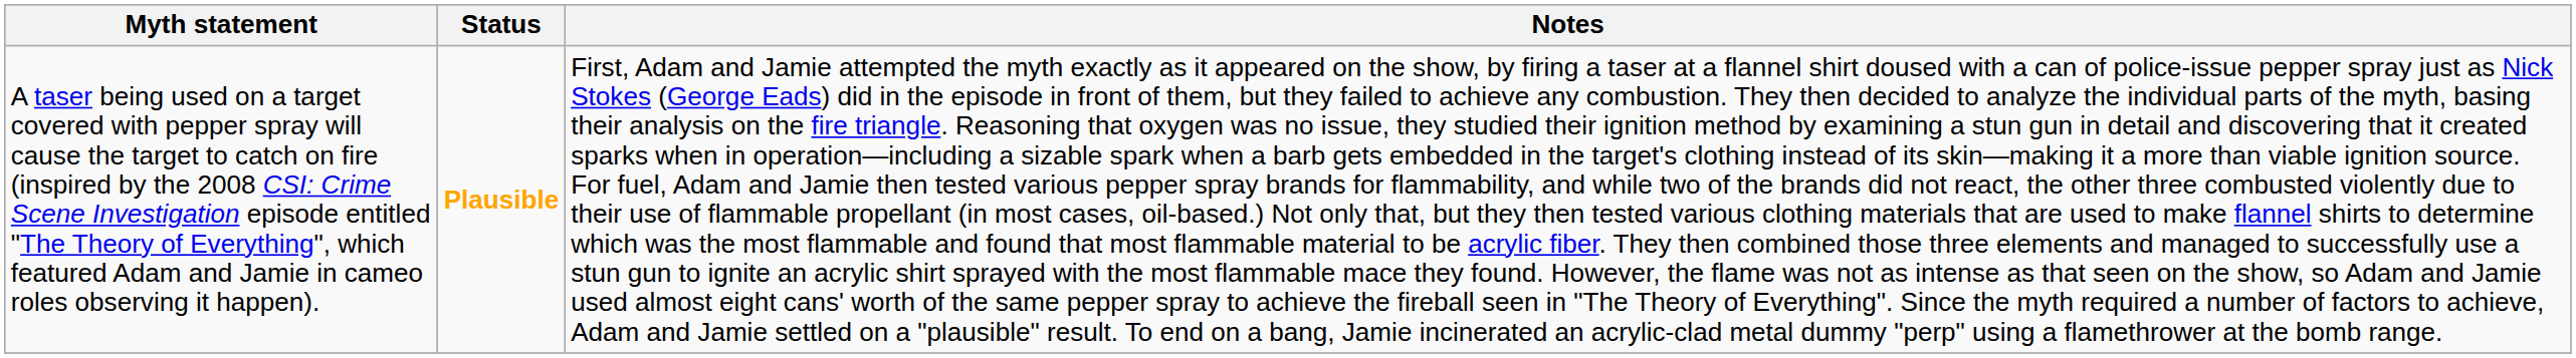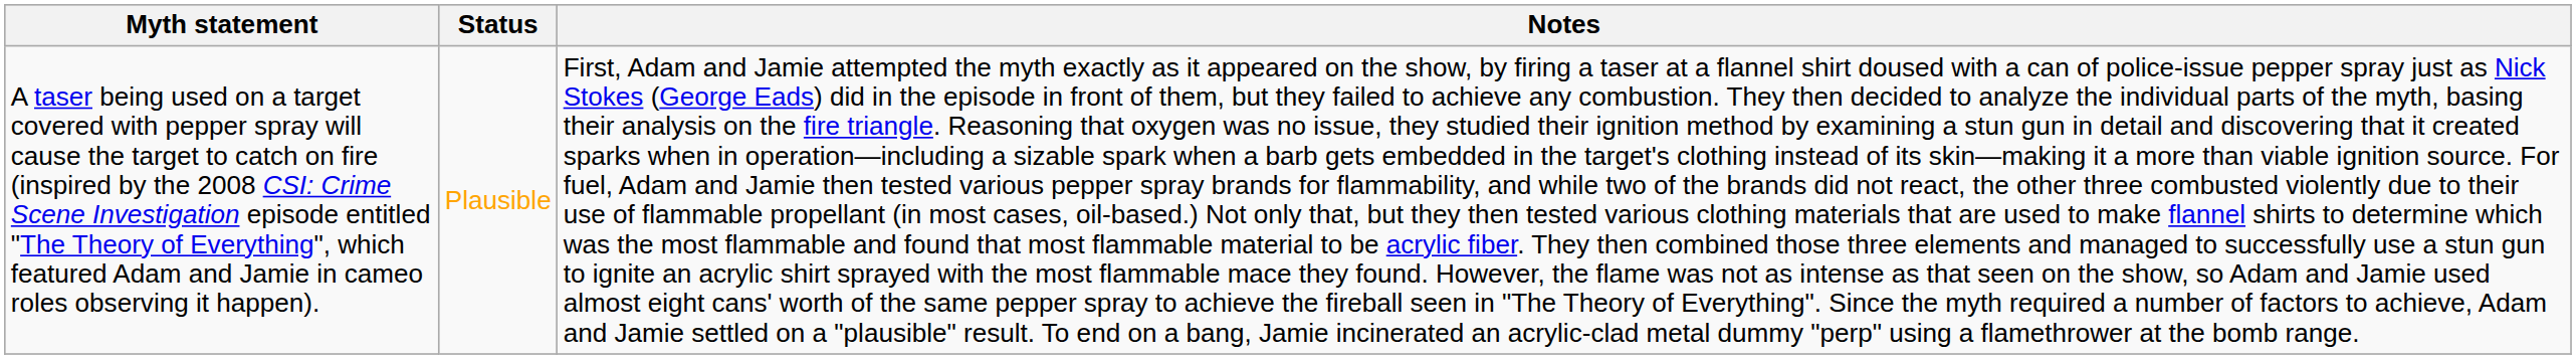 <table class="wikitable plainrowheaders">
 <tr>
 <th>Myth statement</th>
 <th>Status</th>
 <th>Notes</th>
 </tr>
 <tr>
 <td>A <a href='#'>taser</a> being used on a target covered with pepper spray will cause the target to catch on fire (inspired by the 2008 <em><a href='#'>CSI: Crime Scene Investigation</a></em> episode entitled "<a href='#'>The Theory of Everything</a>", which featured Adam and Jamie in cameo roles observing it happen).</td>
-<td style="color:orange"><strong>Plausible</strong></td>
+<td style="color:orange">Plausible</td>
 <td>First, Adam and Jamie attempted the myth exactly as it appeared on the show, by firing a taser at a flannel shirt doused with a can of police-issue pepper spray just as <a href='#'>Nick Stokes</a> (<a href='#'>George Eads</a>) did in the episode in front of them, but they failed to achieve any combustion. They then decided to analyze the individual parts of the myth, basing their analysis on the <a href='#'>fire triangle</a>. Reasoning that oxygen was no issue, they studied their ignition method by examining a stun gun in detail and discovering that it created sparks when in operation—including a sizable spark when a barb gets embedded in the target's clothing instead of its skin—making it a more than viable ignition source. For fuel, Adam and Jamie then tested various pepper spray brands for flammability, and while two of the brands did not react, the other three combusted violently due to their use of flammable propellant (in most cases, oil-based.) Not only that, but they then tested various clothing materials that are used to make <a href='#'>flannel</a> shirts to determine which was the most flammable and found that most flammable material to be <a href='#'>acrylic fiber</a>. They then combined those three elements and managed to successfully use a stun gun to ignite an acrylic shirt sprayed with the most flammable mace they found. However, the flame was not as intense as that seen on the show, so Adam and Jamie used almost eight cans' worth of the same pepper spray to achieve the fireball seen in "The Theory of Everything". Since the myth required a number of factors to achieve, Adam and Jamie settled on a "plausible" result. To end on a bang, Jamie incinerated an acrylic-clad metal dummy "perp" using a flamethrower at the bomb range.</td>
 </tr>
 </table>
